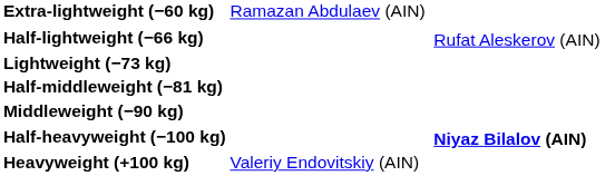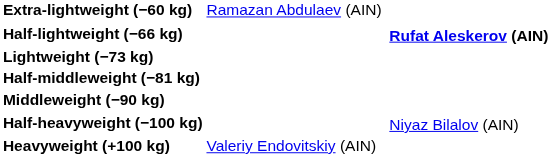 <table>
 <tr>
 <th rowspan=2 style="text-align:left;">Extra-lightweight (−60 kg)</th>
 <td rowspan=2> <a href='#'>Ramazan Abdulaev</a> <span>(<abbr>AIN</abbr>)</span></td>
 <td rowspan=2></td>
 <td></td>
 </tr>
 <tr>
 <td></td>
 </tr>
 <tr>
 <th rowspan=2 style="text-align:left;">Half-lightweight (−66 kg)</th>
 <td rowspan=2></td>
 <td rowspan=2></td>
 <td></td>
 </tr>
 <tr>
-<td> <a href='#'>Rufat Aleskerov</a> <span>(<abbr>AIN</abbr>)</span></td>
+<td><strong> <a href='#'>Rufat Aleskerov</a> <span>(<abbr>AIN</abbr>)</span></strong></td>
 </tr>
 <tr>
 <th rowspan=2 style="text-align:left;">Lightweight (−73 kg)</th>
 <td rowspan=2></td>
 <td rowspan=2></td>
 <td></td>
 </tr>
 <tr>
 <td></td>
 </tr>
 <tr>
 <th rowspan=2 style="text-align:left;">Half-middleweight (−81 kg)</th>
 <td rowspan=2></td>
 <td rowspan=2></td>
 <td></td>
 </tr>
 <tr>
 <td></td>
 </tr>
 <tr>
 <th rowspan=2 style="text-align:left;">Middleweight (−90 kg)</th>
 <td rowspan=2></td>
 <td rowspan=2></td>
 <td></td>
 </tr>
 <tr>
 <td></td>
 </tr>
 <tr>
 <th rowspan=2 style="text-align:left;">Half-heavyweight (−100 kg)</th>
 <td rowspan=2></td>
 <td rowspan=2></td>
 <td></td>
 </tr>
 <tr>
-<td><strong> <a href='#'>Niyaz Bilalov</a> <span>(<abbr>AIN</abbr>)</span></strong></td>
+<td> <a href='#'>Niyaz Bilalov</a> <span>(<abbr>AIN</abbr>)</span></td>
 </tr>
 <tr>
 <th rowspan=2 style="text-align:left;">Heavyweight (+100 kg)</th>
 <td rowspan=2> <a href='#'>Valeriy Endovitskiy</a> <span>(<abbr>AIN</abbr>)</span></td>
 <td rowspan=2></td>
 <td></td>
 </tr>
 <tr>
 <td></td>
 </tr>
 </table>
